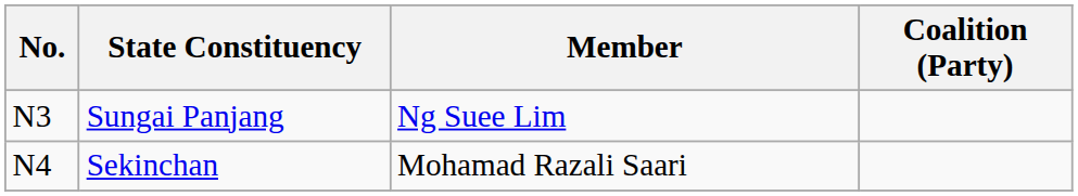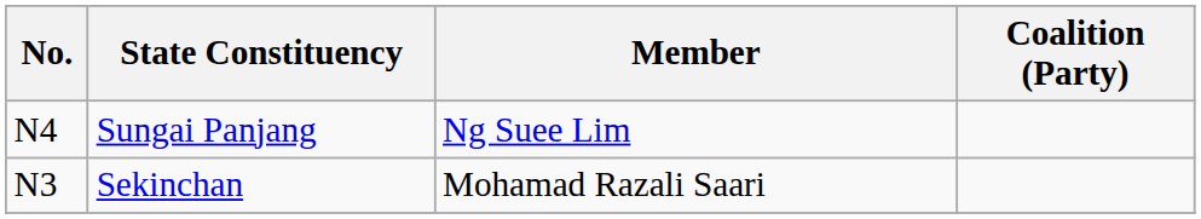 <table class="wikitable">
 <tr>
 <th width="30">No.</th>
 <th width="150">State Constituency</th>
 <th width="230">Member</th>
 <th width="100">Coalition (Party)</th>
 </tr>
 <tr>
-<td>N3</td>
+<td>N4</td>
 <td><a href='#'>Sungai Panjang</a></td>
 <td><a href='#'>Ng Suee Lim</a></td>
 <td></td>
 </tr>
 <tr>
-<td>N4</td>
+<td>N3</td>
 <td><a href='#'>Sekinchan</a></td>
 <td>Mohamad Razali Saari</td>
 <td></td>
 </tr>
 </table>
